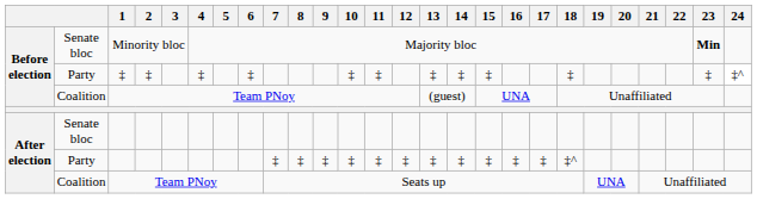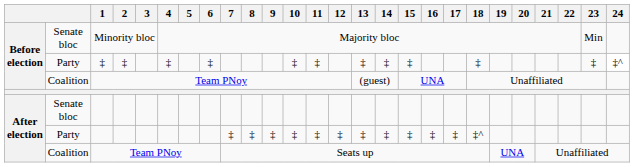 <table class="wikitable" style="text-align:center; font-size:95%">
 <tr>
 <th colspan=2></th>
 <th width=30px>1</th>
 <th width=30px>2</th>
 <th width=30px>3</th>
 <th width=30px>4</th>
 <th width=30px>5</th>
 <th width=30px>6</th>
 <th width=30px>7</th>
 <th width=30px>8</th>
 <th width=30px>9</th>
 <th width=30px>10</th>
 <th width=30px>11</th>
 <th width=30px>12</th>
 <th width=30px>13</th>
 <th width=30px>14</th>
 <th width=30px>15</th>
 <th width=30px>16</th>
 <th width=30px>17</th>
 <th width=30px>18</th>
 <th width=30px>19</th>
 <th width=30px>20</th>
 <th width=30px>21</th>
 <th width=30px>22</th>
 <th width=30px>23</th>
 <th width=30px>24</th>
 </tr>
 <tr>
 <th rowspan=3>Before<br>election</th>
 <td>Senate bloc</td>
 <td colspan=3 bgcolor=>Minority bloc</td>
 <td colspan=19 bgcolor=>Majority bloc</td>
-<td bgcolor=><strong>Min</strong></td>
+<td bgcolor=>Min</td>
 <td></td>
 </tr>
 <tr>
 <td>Party</td>
 <td bgcolor=>‡</td>
 <td bgcolor=>‡</td>
 <td bgcolor=></td>
 <td bgcolor=>‡</td>
 <td bgcolor=></td>
 <td bgcolor=>‡</td>
 <td bgcolor=></td>
 <td bgcolor=></td>
 <td bgcolor=></td>
 <td bgcolor=>‡</td>
 <td bgcolor=>‡</td>
 <td bgcolor=></td>
 <td bgcolor=>‡</td>
 <td bgcolor=>‡</td>
 <td bgcolor=>‡</td>
 <td bgcolor=></td>
 <td bgcolor=></td>
 <td bgcolor=>‡</td>
 <td bgcolor=></td>
 <td bgcolor=></td>
 <td bgcolor=></td>
 <td bgcolor=></td>
 <td bgcolor=>‡</td>
 <td bgcolor=white>‡^</td>
 </tr>
 <tr>
 <td>Coalition</td>
 <td colspan=12 bgcolor=><a href='#'>Team PNoy</a></td>
 <td colspan=2 bgcolor=>(guest)</td>
 <td colspan=3 bgcolor=><a href='#'>UNA</a></td>
 <td colspan=6>Unaffiliated</td>
 <td></td>
 </tr>
 <tr>
 <th colspan=26></th>
 </tr>
 <tr>
 <th rowspan=3>After<br>election</th>
 <td>Senate bloc</td>
 <td></td>
 <td></td>
 <td></td>
 <td></td>
 <td></td>
 <td></td>
 <td></td>
 <td></td>
 <td></td>
 <td></td>
 <td></td>
 <td></td>
 <td></td>
 <td></td>
 <td></td>
 <td></td>
 <td></td>
 <td></td>
 <td></td>
 <td></td>
 <td></td>
 <td></td>
 <td></td>
 <td></td>
 </tr>
 <tr>
 <td>Party</td>
 <td bgcolor=></td>
 <td bgcolor=></td>
 <td bgcolor=></td>
 <td bgcolor=></td>
 <td bgcolor=></td>
 <td bgcolor=></td>
 <td>‡</td>
 <td>‡</td>
 <td>‡</td>
 <td>‡</td>
 <td>‡</td>
 <td>‡</td>
 <td>‡</td>
 <td>‡</td>
 <td>‡</td>
 <td>‡</td>
 <td>‡</td>
 <td>‡^</td>
 <td bgcolor=></td>
 <td bgcolor=></td>
 <td bgcolor=> </td>
 <td bgcolor=></td>
 <td bgcolor=></td>
 <td bgcolor=></td>
 </tr>
 <tr>
 <td>Coalition</td>
 <td colspan=6 bgcolor=><a href='#'>Team PNoy</a></td>
 <td colspan=12>Seats up</td>
 <td colspan=2 bgcolor=><a href='#'>UNA</a></td>
 <td colspan=4>Unaffiliated</td>
 </tr>
 </table>
